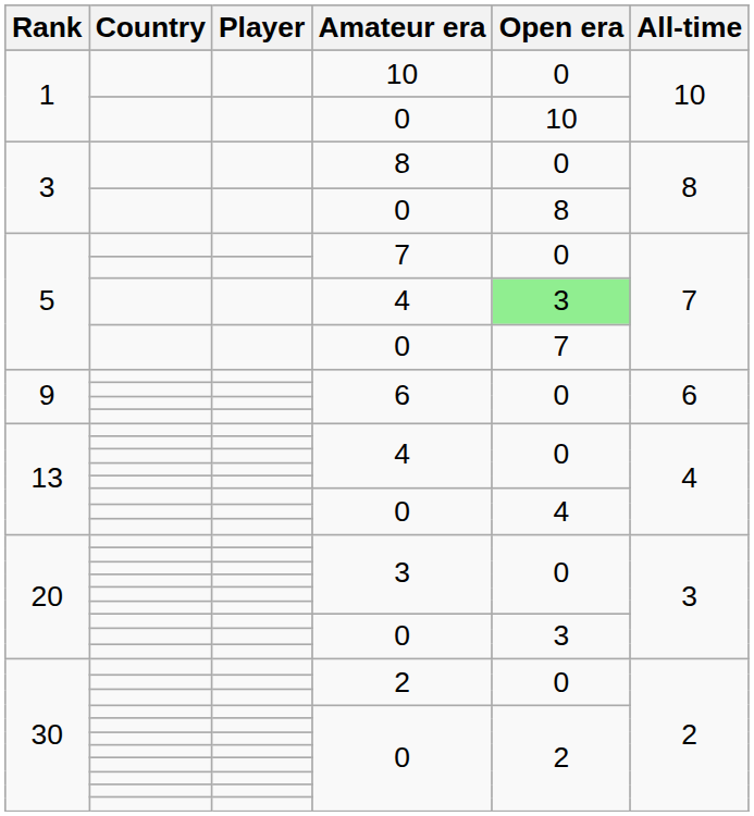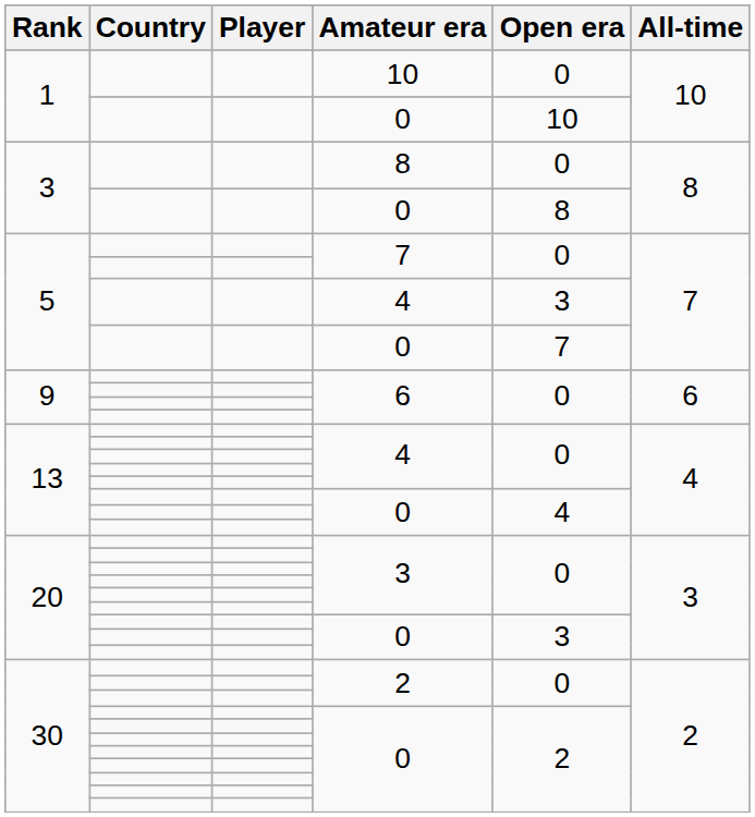 <table class="wikitable sortable">
 <tr>
 <th>Rank</th>
 <th>Country</th>
 <th>Player</th>
 <th>Amateur era</th>
 <th>Open era</th>
 <th>All-time</th>
 </tr>
 <tr>
 <td rowspan=2 align=center>1</td>
 <td></td>
 <td></td>
 <td align=center>10</td>
 <td align=center>0</td>
 <td rowspan=2 align=center>10</td>
 </tr>
 <tr>
 <td></td>
 <td></td>
 <td align=center>0</td>
 <td align=center>10</td>
 </tr>
 <tr>
 <td rowspan=2 align=center>3</td>
 <td></td>
 <td></td>
 <td align=center>8</td>
 <td align=center>0</td>
 <td rowspan=2 align=center>8</td>
 </tr>
 <tr>
 <td></td>
 <td></td>
 <td align=center>0</td>
 <td align=center>8</td>
 </tr>
 <tr>
 <td rowspan=4 align=center>5</td>
 <td></td>
 <td></td>
 <td rowspan="2" align=center>7</td>
 <td rowspan="2" align=center>0</td>
 <td rowspan=4 align=center>7</td>
 </tr>
 <tr>
 <td></td>
 <td></td>
 </tr>
 <tr>
 <td></td>
 <td></td>
 <td align=center>4</td>
-<td align=center style="background: lightgreen;">3</td>
+<td align=center>3</td>
 </tr>
 <tr>
 <td></td>
 <td></td>
 <td align=center>0</td>
 <td align=center>7</td>
 </tr>
 <tr>
 <td rowspan=4 align=center>9</td>
 <td></td>
 <td></td>
 <td rowspan="4" align=center>6</td>
 <td rowspan="4" align=center>0</td>
 <td rowspan=4 align=center>6</td>
 </tr>
 <tr>
 <td></td>
 <td></td>
 </tr>
 <tr>
 <td></td>
 <td></td>
 </tr>
 <tr>
 <td></td>
 <td></td>
 </tr>
 <tr>
 <td rowspan=8 align=center>13</td>
 <td></td>
 <td></td>
 <td rowspan="5" align=center>4</td>
 <td rowspan="5" align=center>0</td>
 <td rowspan=8 align=center>4</td>
 </tr>
 <tr>
 <td></td>
 <td></td>
 </tr>
 <tr>
 <td></td>
 <td></td>
 </tr>
 <tr>
 <td></td>
 <td></td>
 </tr>
 <tr>
 <td></td>
 <td></td>
 </tr>
 <tr>
 <td></td>
 <td></td>
 <td rowspan="3" align=center>0</td>
 <td rowspan="3" align=center>4</td>
 </tr>
 <tr>
 <td></td>
 <td><strong></strong></td>
 </tr>
 <tr>
 <td></td>
 <td><strong></strong></td>
 </tr>
 <tr>
 <td rowspan=9 align=center>20</td>
 <td></td>
 <td><em></em></td>
 <td rowspan="6" align=center>3</td>
 <td rowspan="6" align=center>0</td>
 <td rowspan=9 align=center>3</td>
 </tr>
 <tr>
 <td></td>
 <td><em></em></td>
 </tr>
 <tr>
 <td></td>
 <td><em></em></td>
 </tr>
 <tr>
 <td></td>
 <td></td>
 </tr>
 <tr>
 <td></td>
 <td><em></em></td>
 </tr>
 <tr>
 <td></td>
 <td></td>
 </tr>
 <tr>
 <td></td>
 <td></td>
 <td rowspan="3" align=center>0</td>
 <td rowspan="3" align=center>3</td>
 </tr>
 <tr>
 <td></td>
 <td></td>
 </tr>
 <tr>
 <td></td>
 <td></td>
 </tr>
 <tr>
 <td rowspan=11 align=center>30</td>
 <td></td>
 <td></td>
 <td rowspan="3" align=center>2</td>
 <td rowspan="3" align=center>0</td>
 <td rowspan=11 align=center>2</td>
 </tr>
 <tr>
 <td></td>
 <td><em></em></td>
 </tr>
 <tr>
 <td></td>
 <td></td>
 </tr>
 <tr>
 <td></td>
 <td></td>
 <td rowspan="8" align=center>0</td>
 <td rowspan="8" align=center>2</td>
 </tr>
 <tr>
 <td></td>
 <td></td>
 </tr>
 <tr>
 <td></td>
 <td><em></em></td>
 </tr>
 <tr>
 <td></td>
 <td></td>
 </tr>
 <tr>
 <td></td>
 <td></td>
 </tr>
 <tr>
 <td></td>
 <td></td>
 </tr>
 <tr>
 <td></td>
 <td></td>
 </tr>
 <tr>
 <td></td>
 <td><em></em></td>
 </tr>
 </table>
